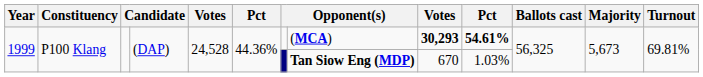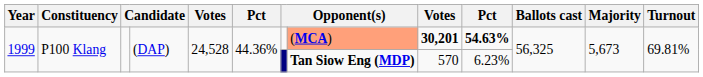 <table class="wikitable" style="margin:0.5em ; font-size:95%">
 <tr>
 <th>Year</th>
 <th>Constituency</th>
 <th colspan=2>Candidate</th>
 <th>Votes</th>
 <th>Pct</th>
 <th colspan=2>Opponent(s)</th>
 <th>Votes</th>
 <th>Pct</th>
 <th>Ballots cast</th>
 <th>Majority</th>
 <th>Turnout</th>
 </tr>
 <tr>
 <td rowspan=2><a href='#'>1999</a></td>
 <td rowspan=2>P100 <a href='#'>Klang</a></td>
 <td rowspan=2 ></td>
 <td rowspan=2> (<a href='#'>DAP</a>)</td>
 <td rowspan=2 align="right">24,528</td>
 <td rowspan=2>44.36%</td>
 <td></td>
-<td> (<a href='#'><strong>MCA</strong></a>)</td>
-<td align="right"><strong>30,293</strong></td>
-<td><strong>54.61%</strong></td>
+<td style="background: lightsalmon;"> (<a href='#'><strong>MCA</strong></a>)</td>
+<td align="right"><strong>30,201</strong></td>
+<td><strong>54.63%</strong></td>
 <td rowspan=2>56,325</td>
 <td rowspan=2>5,673</td>
 <td rowspan=2>69.81%</td>
 </tr>
 <tr>
 <td style="background-color: #000080;"></td>
 <td><strong>Tan Siow Eng (<a href='#'>MDP</a>)</strong></td>
-<td align="right">670</td>
-<td align=right>1.03%</td>
+<td align="right">570</td>
+<td align=right>6.23%</td>
 </tr>
 </table>
